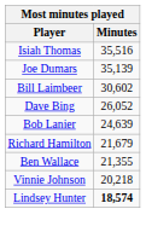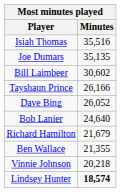 <table class="wikitable sortable" style="text-align:center">
 <tr>
 <th colspan="2" style="text-align:center; ">Most minutes played</th>
 </tr>
 <tr>
 <th style="text-align:center; ">Player</th>
 <th style="text-align:center; ">Minutes</th>
 </tr>
 <tr>
 <td><a href='#'>Isiah Thomas</a></td>
 <td>35,516</td>
 </tr>
 <tr>
 <td><a href='#'>Joe Dumars</a></td>
-<td>35,139</td>
+<td>35,135</td>
 </tr>
 <tr>
 <td><a href='#'>Bill Laimbeer</a></td>
 <td>30,602</td>
+</tr>
+<tr>
+<td><a href='#'>Tayshaun Prince</a></td>
+<td>26,166</td>
 </tr>
 <tr>
 <td><a href='#'>Dave Bing</a></td>
 <td>26,052</td>
 </tr>
 <tr>
 <td><a href='#'>Bob Lanier</a></td>
-<td>24,639</td>
+<td>24,640</td>
 </tr>
 <tr>
 <td><a href='#'>Richard Hamilton</a></td>
 <td>21,679</td>
 </tr>
 <tr>
 <td><a href='#'>Ben Wallace</a></td>
 <td>21,355</td>
 </tr>
 <tr>
 <td><a href='#'>Vinnie Johnson</a></td>
 <td>20,218</td>
 </tr>
 <tr>
 <td><a href='#'>Lindsey Hunter</a></td>
 <td><strong>18,574</strong></td>
 </tr>
 </table>
